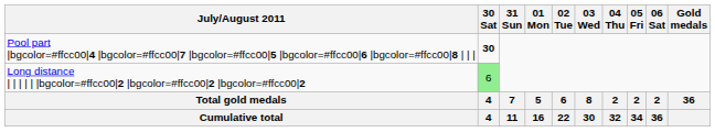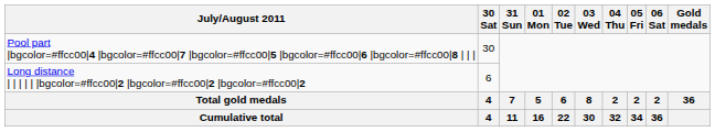 <table class="wikitable">
 <tr>
 <th>July/August 2011</th>
 <th>30<br>Sat</th>
 <th>31<br>Sun</th>
 <th>01<br>Mon</th>
 <th>02<br>Tue</th>
 <th>03<br>Wed</th>
 <th>04<br>Thu</th>
 <th>05<br>Fri</th>
 <th>06<br>Sat</th>
 <th>Gold<br>medals</th>
 </tr>
 <tr align="center">
 <td align="left"> <a href='#'>Pool part</a><br>|bgcolor=#ffcc00|<strong>4</strong> |bgcolor=#ffcc00|<strong>7</strong> |bgcolor=#ffcc00|<strong>5</strong> |bgcolor=#ffcc00|<strong>6</strong> |bgcolor=#ffcc00|<strong>8</strong> | | |</td>
-<td><strong>30</strong></td>
+<td>30</td>
 </tr>
 <tr align="center">
 <td align="left"> <a href='#'>Long distance</a><br>| | | | | |bgcolor=#ffcc00|<strong>2</strong> |bgcolor=#ffcc00|<strong>2</strong> |bgcolor=#ffcc00|<strong>2</strong></td>
-<td style="background: lightgreen;">6</td>
+<td>6</td>
 </tr>
 <tr>
 <th>Total gold medals</th>
 <th>4</th>
 <th>7</th>
 <th>5</th>
 <th>6</th>
 <th>8</th>
 <th>2</th>
 <th>2</th>
 <th>2</th>
 <th>36</th>
 </tr>
 <tr>
 <th>Cumulative total</th>
 <th>4</th>
 <th>11</th>
 <th>16</th>
 <th>22</th>
 <th>30</th>
 <th>32</th>
 <th>34</th>
 <th>36</th>
 <th></th>
 </tr>
 </table>
